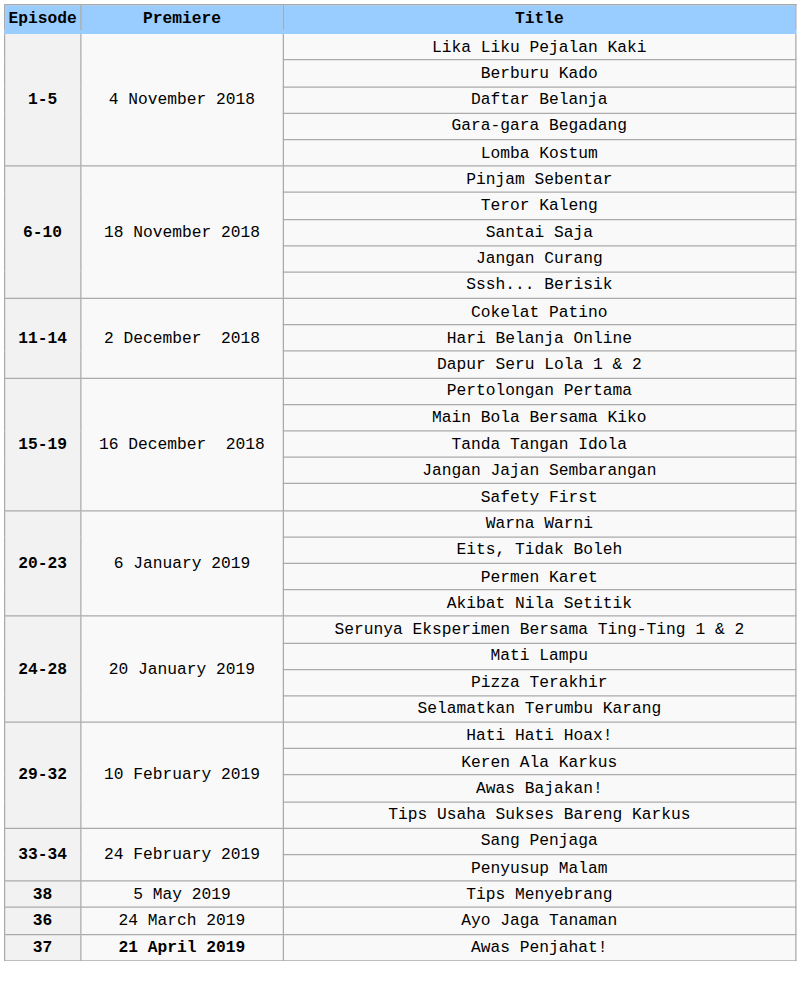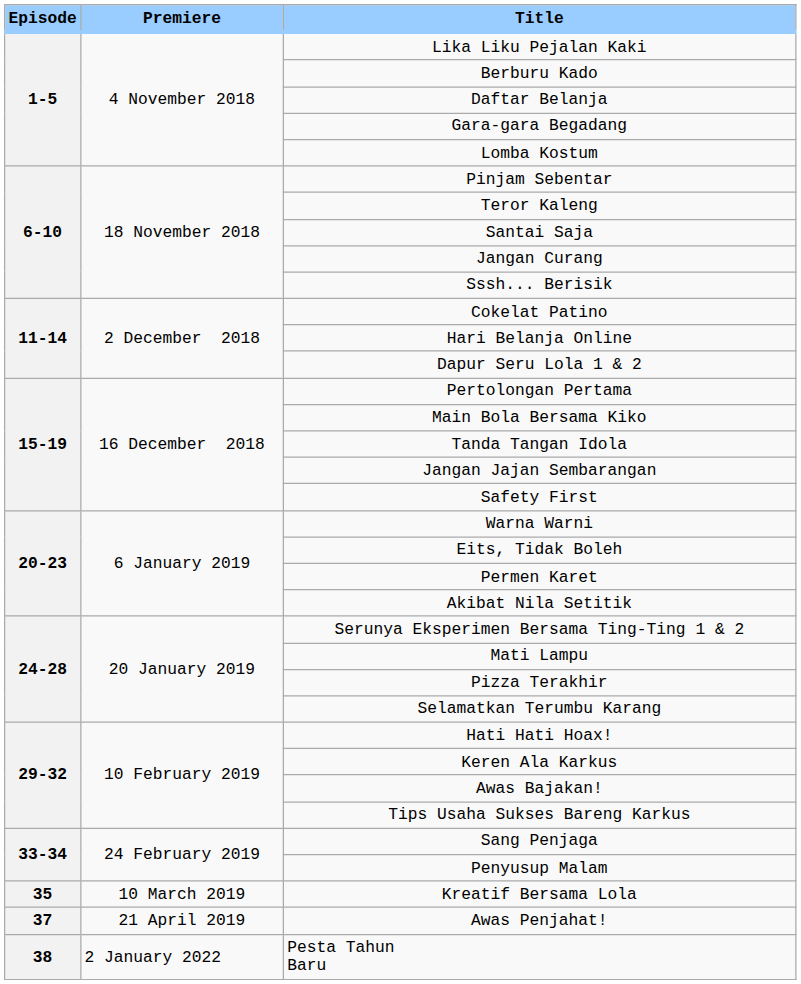 <table class="wikitable" style="width:40%; align:left;">
 <tr style="border-bottom: 3px solid #99CCFF">
 <th style="width:3em; background:#99CCFF;">Episode</th>
 <th style="width:12em; background:#99CCFF;">Premiere</th>
 <th style="background:#99CCFF;">Title</th>
 </tr>
 <tr align="center">
 <th rowspan="5">1-5</th>
 <td rowspan="5">4 November 2018</td>
 <td>Lika Liku Pejalan Kaki</td>
 </tr>
 <tr align="center">
 <td>Berburu Kado</td>
 </tr>
 <tr align="center">
 <td>Daftar Belanja</td>
 </tr>
 <tr align="center">
 <td>Gara-gara Begadang</td>
 </tr>
 <tr align="center">
 <td>Lomba Kostum</td>
 </tr>
 <tr align="center">
 <th rowspan="5">6-10</th>
 <td rowspan="5">18 November 2018</td>
 <td>Pinjam Sebentar</td>
 </tr>
 <tr align="center">
 <td>Teror Kaleng</td>
 </tr>
 <tr align="center">
 <td>Santai Saja</td>
 </tr>
 <tr align="center">
 <td>Jangan Curang</td>
 </tr>
 <tr align="center">
 <td>Sssh... Berisik</td>
 </tr>
 <tr align="center">
 <th rowspan="3">11-14</th>
 <td rowspan="3">2 December  2018</td>
 <td>Cokelat Patino</td>
 </tr>
 <tr align="center">
 <td>Hari Belanja Online</td>
 </tr>
 <tr align="center">
 <td>Dapur Seru Lola 1 & 2</td>
 </tr>
 <tr align="center">
 <th rowspan="5">15-19</th>
 <td rowspan="5">16 December  2018</td>
 <td>Pertolongan Pertama</td>
 </tr>
 <tr align="center">
 <td>Main Bola Bersama Kiko</td>
 </tr>
 <tr align="center">
 <td>Tanda Tangan Idola</td>
 </tr>
 <tr align="center">
 <td>Jangan Jajan Sembarangan</td>
 </tr>
 <tr align="center">
 <td>Safety First</td>
 </tr>
 <tr align="center">
 <th rowspan="4">20-23</th>
 <td rowspan="4">6 January 2019</td>
 <td>Warna Warni</td>
 </tr>
 <tr align="center">
 <td>Eits, Tidak Boleh</td>
 </tr>
 <tr align="center">
 <td>Permen Karet</td>
 </tr>
 <tr align="center">
 <td>Akibat Nila Setitik</td>
 </tr>
 <tr align="center">
 <th rowspan="4">24-28</th>
 <td rowspan="4">20 January 2019</td>
 <td>Serunya Eksperimen Bersama Ting-Ting 1 & 2</td>
 </tr>
 <tr align="center">
 <td>Mati Lampu</td>
 </tr>
 <tr align="center">
 <td>Pizza Terakhir</td>
 </tr>
 <tr align="center">
 <td>Selamatkan Terumbu Karang</td>
 </tr>
 <tr align="center">
 <th rowspan="4">29-32</th>
 <td rowspan="4">10 February 2019</td>
 <td>Hati Hati Hoax!</td>
 </tr>
 <tr align="center">
 <td>Keren Ala Karkus</td>
 </tr>
 <tr align="center">
 <td>Awas Bajakan!</td>
 </tr>
 <tr align="center">
 <td>Tips Usaha Sukses Bareng Karkus</td>
 </tr>
 <tr align="center">
 <th rowspan="2">33-34</th>
 <td rowspan="2">24 February 2019</td>
 <td>Sang Penjaga</td>
 </tr>
 <tr align="center">
 <td>Penyusup Malam</td>
 </tr>
 <tr align="center">
-<th rowspan="1">38</th>
-<td rowspan="1">5 May 2019</td>
-<td>Tips Menyebrang</td>
-</tr>
-<tr align="center">
-<th rowspan="1">36</th>
-<td rowspan="1">24 March 2019</td>
-<td>Ayo Jaga Tanaman</td>
+<th rowspan="1">35</th>
+<td rowspan="1">10 March 2019</td>
+<td>Kreatif Bersama Lola</td>
 </tr>
 <tr align="center">
 <th rowspan="1">37</th>
-<td rowspan="1"><strong>21 April 2019</strong></td>
+<td rowspan="1">21 April 2019</td>
 <td>Awas Penjahat!</td>
 </tr>
+<tr>
+<th>38</th>
+<td>2 January 2022</td>
+<td>Pesta  Tahun<br>Baru</td>
+</tr>
 </table>
